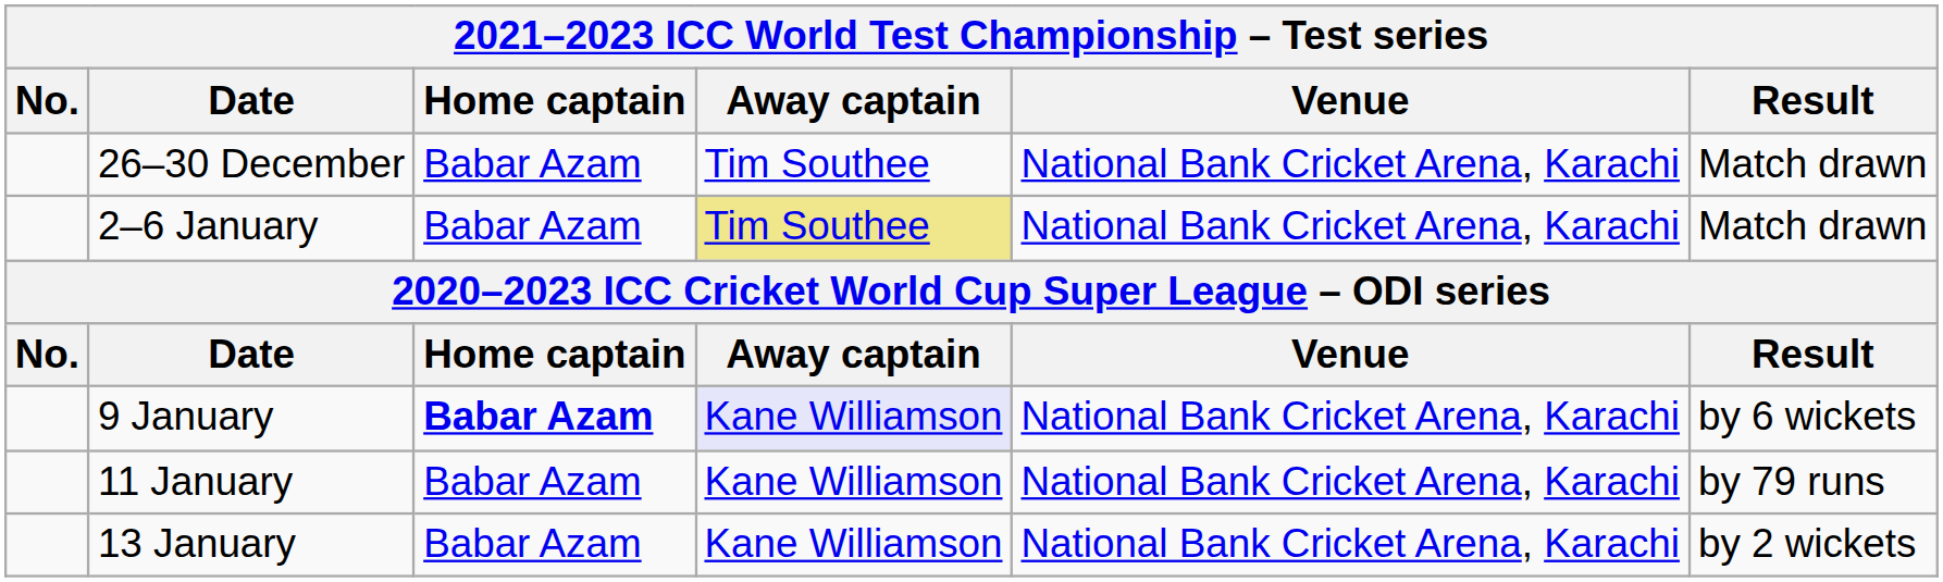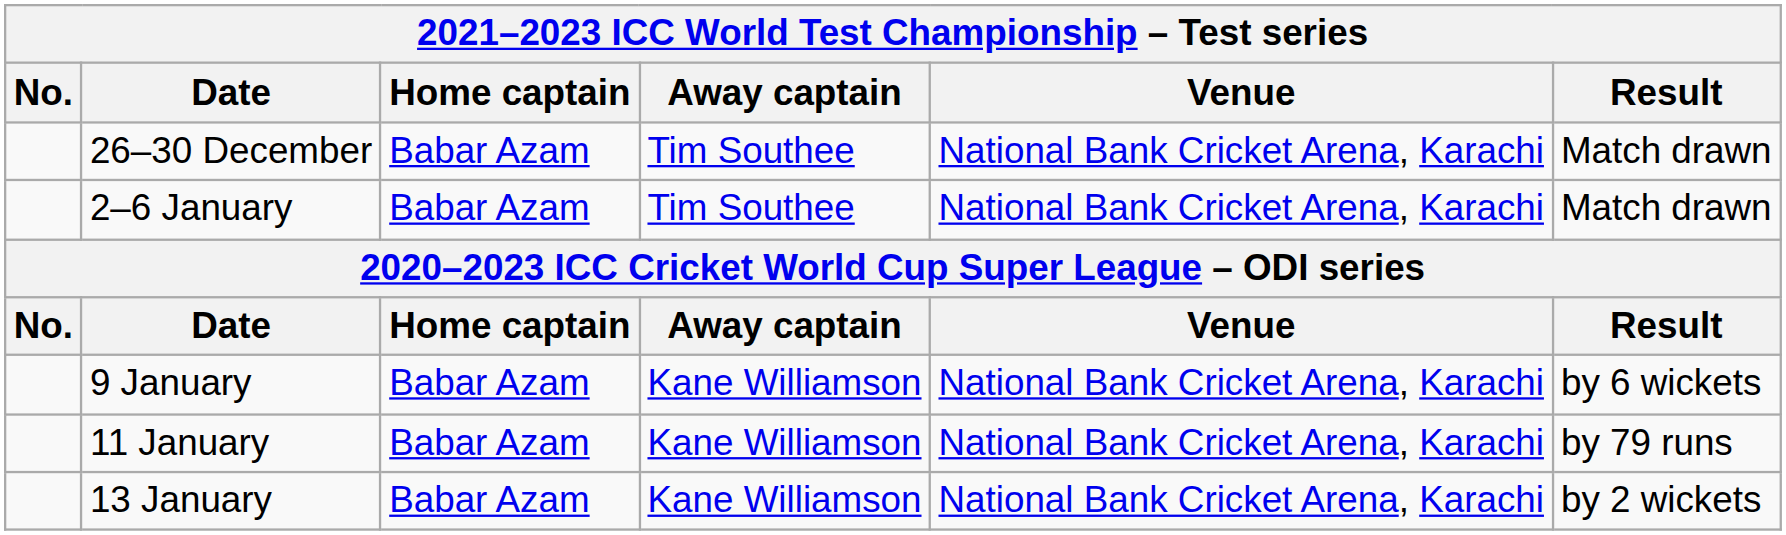 <table class="wikitable">
 <tr>
 <th colspan="9"><a href='#'>2021–2023 ICC World Test Championship</a> – Test series</th>
 </tr>
 <tr>
 <th>No.</th>
 <th>Date</th>
 <th>Home captain</th>
 <th>Away captain</th>
 <th>Venue</th>
 <th>Result</th>
 </tr>
 <tr>
 <td></td>
 <td>26–30 December</td>
 <td><a href='#'>Babar Azam</a></td>
 <td><a href='#'>Tim Southee</a></td>
 <td><a href='#'>National Bank Cricket Arena</a>, <a href='#'>Karachi</a></td>
 <td>Match drawn</td>
 </tr>
 <tr>
 <td></td>
 <td>2–6 January</td>
 <td><a href='#'>Babar Azam</a></td>
-<td style="background: khaki;"><a href='#'>Tim Southee</a></td>
+<td><a href='#'>Tim Southee</a></td>
 <td><a href='#'>National Bank Cricket Arena</a>, <a href='#'>Karachi</a></td>
 <td>Match drawn</td>
 </tr>
 <tr>
 <th colspan="9"><a href='#'>2020–2023 ICC Cricket World Cup Super League</a> – ODI series</th>
 </tr>
 <tr>
 <th>No.</th>
 <th>Date</th>
 <th>Home captain</th>
 <th>Away captain</th>
 <th>Venue</th>
 <th>Result</th>
 </tr>
 <tr>
 <td></td>
 <td>9 January</td>
-<td><strong><a href='#'>Babar Azam</a></strong></td>
-<td style="background: lavender;"><a href='#'>Kane Williamson</a></td>
+<td><a href='#'>Babar Azam</a></td>
+<td><a href='#'>Kane Williamson</a></td>
 <td><a href='#'>National Bank Cricket Arena</a>, <a href='#'>Karachi</a></td>
 <td> by 6 wickets</td>
 </tr>
 <tr>
 <td></td>
 <td>11 January</td>
 <td><a href='#'>Babar Azam</a></td>
 <td><a href='#'>Kane Williamson</a></td>
 <td><a href='#'>National Bank Cricket Arena</a>, <a href='#'>Karachi</a></td>
 <td> by 79 runs</td>
 </tr>
 <tr>
 <td></td>
 <td>13 January</td>
 <td><a href='#'>Babar Azam</a></td>
 <td><a href='#'>Kane Williamson</a></td>
 <td><a href='#'>National Bank Cricket Arena</a>, <a href='#'>Karachi</a></td>
 <td> by 2 wickets</td>
 </tr>
 </table>
